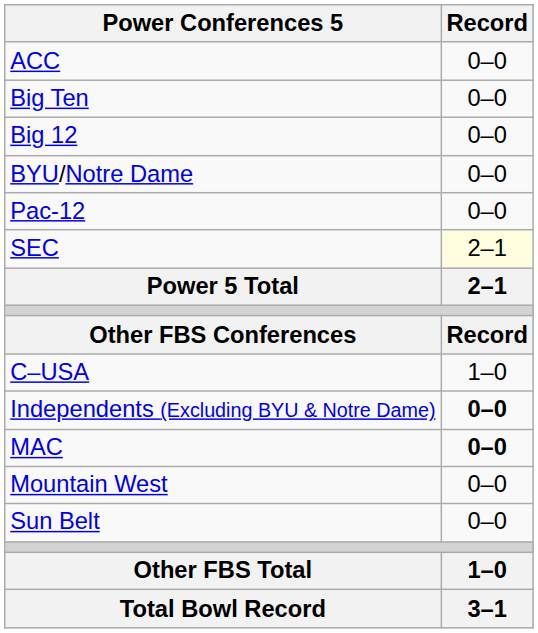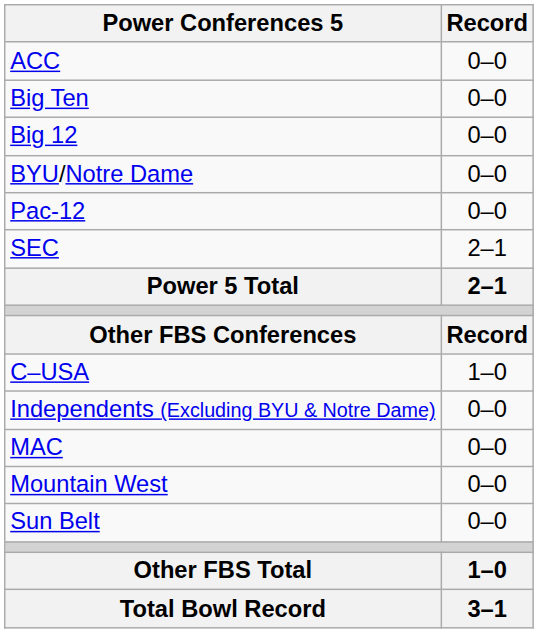 <table class="wikitable">
 <tr>
 <th>Power Conferences 5</th>
 <th>Record</th>
 </tr>
 <tr>
 <td><a href='#'>ACC</a></td>
 <td align=center>0–0</td>
 </tr>
 <tr>
 <td><a href='#'>Big Ten</a></td>
 <td align=center>0–0</td>
 </tr>
 <tr>
 <td><a href='#'>Big 12</a></td>
 <td align=center>0–0</td>
 </tr>
 <tr>
 <td><a href='#'>BYU</a>/<a href='#'>Notre Dame</a></td>
 <td align=center>0–0</td>
 </tr>
 <tr>
 <td><a href='#'>Pac-12</a></td>
 <td align=center>0–0</td>
 </tr>
 <tr>
 <td><a href='#'>SEC</a></td>
-<td align=center style="background: lightyellow;">2–1</td>
+<td align=center>2–1</td>
 </tr>
 <tr>
 <th>Power 5 Total</th>
 <th>2–1</th>
 </tr>
 <tr>
 <th colspan="2" style="background:lightgrey;"></th>
 </tr>
 <tr>
 <th>Other FBS Conferences</th>
 <th>Record</th>
 </tr>
 <tr>
 <td><a href='#'>C–USA</a></td>
 <td align=center>1–0</td>
 </tr>
 <tr>
 <td><a href='#'>Independents <small>(Excluding BYU & Notre Dame)</small></a></td>
-<td align=center><strong>0–0</strong></td>
+<td align=center>0–0</td>
 </tr>
 <tr>
 <td><a href='#'>MAC</a></td>
-<td align=center><strong>0–0</strong></td>
+<td align=center>0–0</td>
 </tr>
 <tr>
 <td><a href='#'>Mountain West</a></td>
 <td align=center>0–0</td>
 </tr>
 <tr>
 <td><a href='#'>Sun Belt</a></td>
 <td align=center>0–0</td>
 </tr>
 <tr>
 <th colspan="2" style="background:lightgrey;"></th>
 </tr>
 <tr>
 <th>Other FBS Total</th>
 <th>1–0</th>
 </tr>
 <tr>
 <th>Total Bowl Record</th>
 <th>3–1</th>
 </tr>
 </table>
